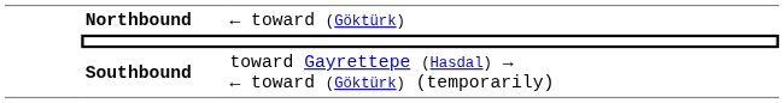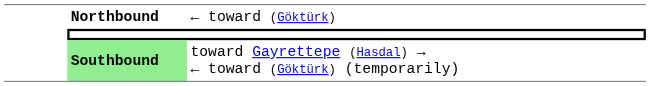 <table table border=0 cellspacing=0 cellpadding=3>
 <tr>
 <td style="border-top:solid 1px gray;border-bottom:solid 1px gray;" width=50 rowspan=3 valign=top></td>
 <td style="border-top:solid 1px gray;" width=100><strong>Northbound</strong></td>
 <td style="border-top:solid 1px gray;" width=400>←  toward  <small>(<a href='#'>Göktürk</a>)</small></td>
 </tr>
 <tr>
 <td style="border-top:solid 2px black;border-right:solid 2px black;border-left:solid 2px black;border-bottom:solid 2px black;text-align:center;" colspan=2></td>
 </tr>
 <tr>
-<td style="border-bottom:solid 1px gray;"><strong>Southbound</strong></td>
+<td style="background: lightgreen; border-bottom:solid 1px gray;"><strong>Southbound</strong></td>
 <td style="border-bottom:solid 1px gray;"> toward <a href='#'>Gayrettepe</a> <small>(<a href='#'>Hasdal</a>)</small> →<br>←  toward  <small>(<a href='#'>Göktürk</a>)</small> (temporarily)</td>
 </tr>
 </table>
